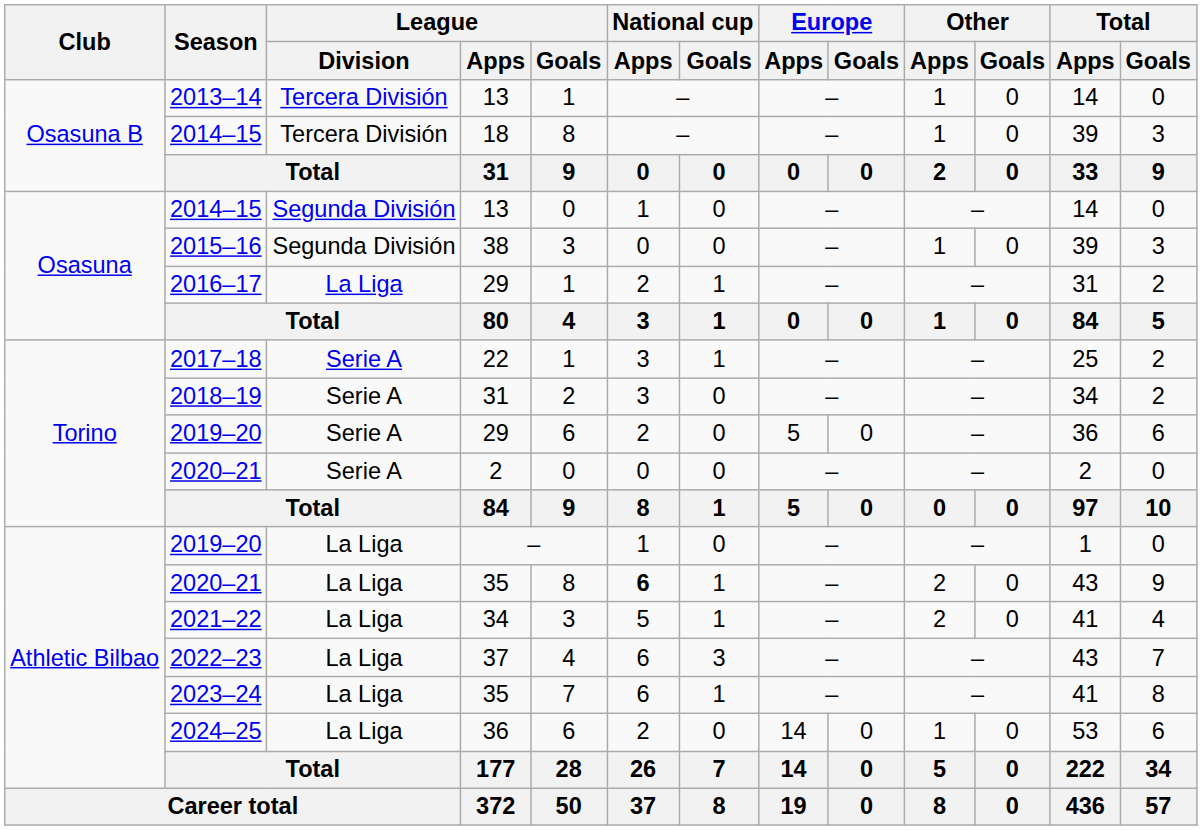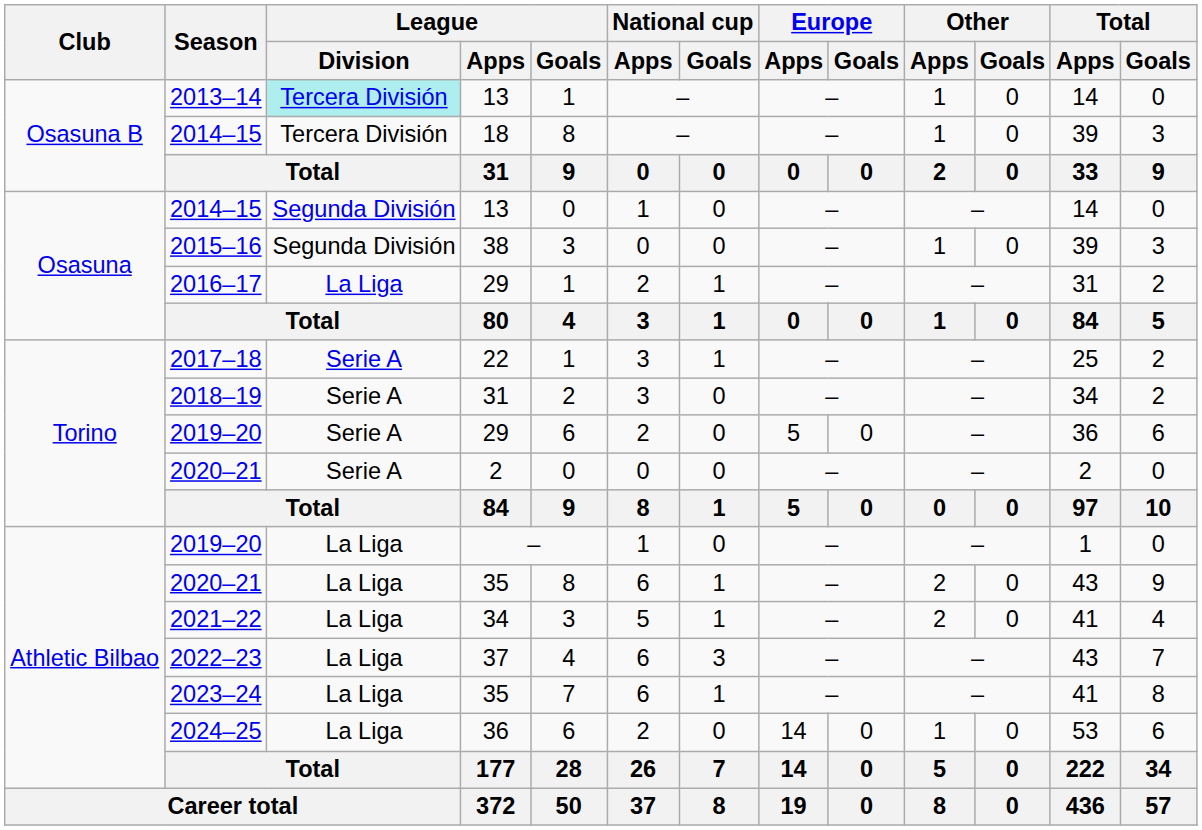 <table class="wikitable" style="text-align:center">
 <tr>
 <th rowspan="2">Club</th>
 <th rowspan="2">Season</th>
 <th colspan="3">League</th>
 <th colspan="2">National cup</th>
 <th colspan="2"><a href='#'>Europe</a></th>
 <th colspan="2">Other</th>
 <th colspan="2">Total</th>
 </tr>
 <tr>
 <th>Division</th>
 <th>Apps</th>
 <th>Goals</th>
 <th>Apps</th>
 <th>Goals</th>
 <th>Apps</th>
 <th>Goals</th>
 <th>Apps</th>
 <th>Goals</th>
 <th>Apps</th>
 <th>Goals</th>
 </tr>
 <tr>
 <td rowspan="3"><a href='#'>Osasuna B</a></td>
 <td><a href='#'>2013–14</a></td>
-<td><a href='#'>Tercera División</a></td>
+<td style="background: paleturquoise;"><a href='#'>Tercera División</a></td>
 <td>13</td>
 <td>1</td>
 <td colspan="2">–</td>
 <td colspan="2">–</td>
 <td>1</td>
 <td>0</td>
 <td>14</td>
 <td>0</td>
 </tr>
 <tr>
 <td><a href='#'>2014–15</a></td>
 <td>Tercera División</td>
 <td>18</td>
 <td>8</td>
 <td colspan="2">–</td>
 <td colspan="2">–</td>
 <td>1</td>
 <td>0</td>
 <td>39</td>
 <td>3</td>
 </tr>
 <tr>
 <th colspan="2">Total</th>
 <th>31</th>
 <th>9</th>
 <th>0</th>
 <th>0</th>
 <th>0</th>
 <th>0</th>
 <th>2</th>
 <th>0</th>
 <th>33</th>
 <th>9</th>
 </tr>
 <tr>
 <td rowspan="4"><a href='#'>Osasuna</a></td>
 <td><a href='#'>2014–15</a></td>
 <td><a href='#'>Segunda División</a></td>
 <td>13</td>
 <td>0</td>
 <td>1</td>
 <td>0</td>
 <td colspan="2">–</td>
 <td colspan="2">–</td>
 <td>14</td>
 <td>0</td>
 </tr>
 <tr>
 <td><a href='#'>2015–16</a></td>
 <td>Segunda División</td>
 <td>38</td>
 <td>3</td>
 <td>0</td>
 <td>0</td>
 <td colspan="2">–</td>
 <td>1</td>
 <td>0</td>
 <td>39</td>
 <td>3</td>
 </tr>
 <tr>
 <td><a href='#'>2016–17</a></td>
 <td><a href='#'>La Liga</a></td>
 <td>29</td>
 <td>1</td>
 <td>2</td>
 <td>1</td>
 <td colspan="2">–</td>
 <td colspan="2">–</td>
 <td>31</td>
 <td>2</td>
 </tr>
 <tr>
 <th colspan="2">Total</th>
 <th>80</th>
 <th>4</th>
 <th>3</th>
 <th>1</th>
 <th>0</th>
 <th>0</th>
 <th>1</th>
 <th>0</th>
 <th>84</th>
 <th>5</th>
 </tr>
 <tr>
 <td rowspan="5"><a href='#'>Torino</a></td>
 <td><a href='#'>2017–18</a></td>
 <td><a href='#'>Serie A</a></td>
 <td>22</td>
 <td>1</td>
 <td>3</td>
 <td>1</td>
 <td colspan="2">–</td>
 <td colspan="2">–</td>
 <td>25</td>
 <td>2</td>
 </tr>
 <tr>
 <td><a href='#'>2018–19</a></td>
 <td>Serie A</td>
 <td>31</td>
 <td>2</td>
 <td>3</td>
 <td>0</td>
 <td colspan="2">–</td>
 <td colspan="2">–</td>
 <td>34</td>
 <td>2</td>
 </tr>
 <tr>
 <td><a href='#'>2019–20</a></td>
 <td>Serie A</td>
 <td>29</td>
 <td>6</td>
 <td>2</td>
 <td>0</td>
 <td>5</td>
 <td>0</td>
 <td colspan="2">–</td>
 <td>36</td>
 <td>6</td>
 </tr>
 <tr>
 <td><a href='#'>2020–21</a></td>
 <td>Serie A</td>
 <td>2</td>
 <td>0</td>
 <td>0</td>
 <td>0</td>
 <td colspan="2">–</td>
 <td colspan="2">–</td>
 <td>2</td>
 <td>0</td>
 </tr>
 <tr>
 <th colspan="2">Total</th>
 <th>84</th>
 <th>9</th>
 <th>8</th>
 <th>1</th>
 <th>5</th>
 <th>0</th>
 <th>0</th>
 <th>0</th>
 <th>97</th>
 <th>10</th>
 </tr>
 <tr>
 <td rowspan="7"><a href='#'>Athletic Bilbao</a></td>
 <td><a href='#'>2019–20</a></td>
 <td>La Liga</td>
 <td colspan="2">–</td>
 <td>1</td>
 <td>0</td>
 <td colspan="2">–</td>
 <td colspan="2">–</td>
 <td>1</td>
 <td>0</td>
 </tr>
 <tr>
 <td><a href='#'>2020–21</a></td>
 <td>La Liga</td>
 <td>35</td>
 <td>8</td>
-<td><strong>6</strong></td>
+<td>6</td>
 <td>1</td>
 <td colspan="2">–</td>
 <td>2</td>
 <td>0</td>
 <td>43</td>
 <td>9</td>
 </tr>
 <tr>
 <td><a href='#'>2021–22</a></td>
 <td>La Liga</td>
 <td>34</td>
 <td>3</td>
 <td>5</td>
 <td>1</td>
 <td colspan="2">–</td>
 <td>2</td>
 <td>0</td>
 <td>41</td>
 <td>4</td>
 </tr>
 <tr>
 <td><a href='#'>2022–23</a></td>
 <td>La Liga</td>
 <td>37</td>
 <td>4</td>
 <td>6</td>
 <td>3</td>
 <td colspan="2">–</td>
 <td colspan="2">–</td>
 <td>43</td>
 <td>7</td>
 </tr>
 <tr>
 <td><a href='#'>2023–24</a></td>
 <td>La Liga</td>
 <td>35</td>
 <td>7</td>
 <td>6</td>
 <td>1</td>
 <td colspan="2">–</td>
 <td colspan="2">–</td>
 <td>41</td>
 <td>8</td>
 </tr>
 <tr>
 <td><a href='#'>2024–25</a></td>
 <td>La Liga</td>
 <td>36</td>
 <td>6</td>
 <td>2</td>
 <td>0</td>
 <td>14</td>
 <td>0</td>
 <td>1</td>
 <td>0</td>
 <td>53</td>
 <td>6</td>
 </tr>
 <tr>
 <th colspan="2">Total</th>
 <th>177</th>
 <th>28</th>
 <th>26</th>
 <th>7</th>
 <th>14</th>
 <th>0</th>
 <th>5</th>
 <th>0</th>
 <th>222</th>
 <th>34</th>
 </tr>
 <tr>
 <th colspan="3">Career total</th>
 <th>372</th>
 <th>50</th>
 <th>37</th>
 <th>8</th>
 <th>19</th>
 <th>0</th>
 <th>8</th>
 <th>0</th>
 <th>436</th>
 <th>57</th>
 </tr>
 </table>
